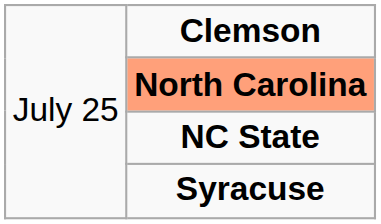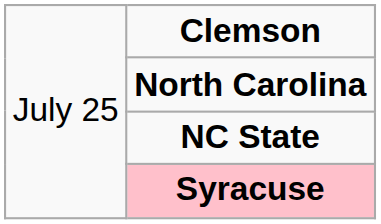 <table class="wikitable" style="text-align: center;">
 <tr>
 <td rowspan="4">July 25</td>
 <td><strong>Clemson</strong></td>
 </tr>
 <tr>
-<td style="background: lightsalmon;"><strong>North Carolina</strong></td>
+<td><strong>North Carolina</strong></td>
 </tr>
 <tr>
 <td><strong>NC State</strong></td>
 </tr>
 <tr>
-<td><strong>Syracuse</strong></td>
+<td style="background: pink;"><strong>Syracuse</strong></td>
 </tr>
 </table>
